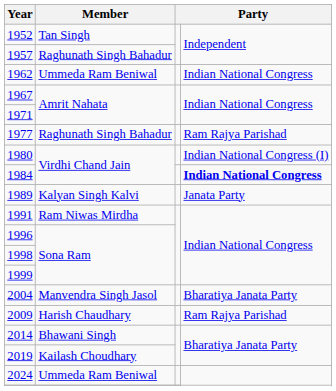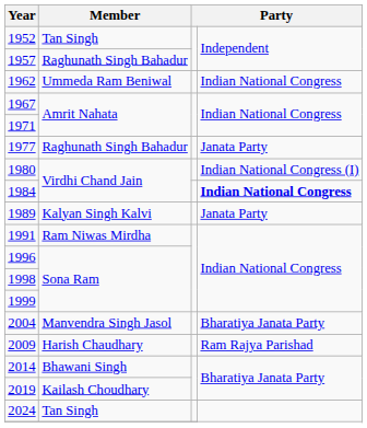 <table class="wikitable">
 <tr>
 <th>Year</th>
 <th>Member</th>
 <th colspan="2">Party</th>
 </tr>
 <tr>
 <td><a href='#'>1952</a></td>
 <td><a href='#'>Tan Singh</a></td>
 <td rowspan="2" style="background-color: "></td>
 <td rowspan="2"><a href='#'>Independent</a></td>
 </tr>
 <tr>
 <td><a href='#'>1957</a></td>
 <td><a href='#'>Raghunath Singh Bahadur</a></td>
 </tr>
 <tr>
 <td><a href='#'>1962</a></td>
 <td><a href='#'>Ummeda Ram Beniwal</a></td>
 <td style="background-color: "></td>
 <td><a href='#'>Indian National Congress</a></td>
 </tr>
 <tr>
 <td><a href='#'>1967</a></td>
 <td rowspan="2"><a href='#'>Amrit Nahata</a></td>
 <td rowspan="2" style="background-color: "></td>
 <td rowspan="2"><a href='#'>Indian National Congress</a></td>
 </tr>
 <tr>
 <td><a href='#'>1971</a></td>
 </tr>
 <tr>
 <td><a href='#'>1977</a></td>
 <td><a href='#'>Raghunath Singh Bahadur</a></td>
 <td style="background-color: "></td>
-<td><a href='#'>Ram Rajya Parishad</a></td>
+<td><a href='#'>Janata Party</a></td>
 </tr>
 <tr>
 <td><a href='#'>1980</a></td>
 <td rowspan="2"><a href='#'>Virdhi Chand Jain</a></td>
 <td style="background-color: "></td>
 <td><a href='#'>Indian National Congress (I)</a></td>
 </tr>
 <tr>
 <td><a href='#'>1984</a></td>
 <td style="background-color: "></td>
 <td><strong><a href='#'>Indian National Congress</a></strong></td>
 </tr>
 <tr>
 <td><a href='#'>1989</a></td>
 <td><a href='#'>Kalyan Singh Kalvi</a></td>
 <td style="background-color: "></td>
 <td><a href='#'>Janata Party</a></td>
 </tr>
 <tr>
 <td><a href='#'>1991</a></td>
 <td><a href='#'>Ram Niwas Mirdha</a></td>
 <td rowspan="4" style="background-color: "></td>
 <td rowspan="4"><a href='#'>Indian National Congress</a></td>
 </tr>
 <tr>
 <td><a href='#'>1996</a></td>
 <td rowspan="3"><a href='#'>Sona Ram</a></td>
 </tr>
 <tr>
 <td><a href='#'>1998</a></td>
 </tr>
 <tr>
 <td><a href='#'>1999</a></td>
 </tr>
 <tr>
 <td><a href='#'>2004</a></td>
 <td><a href='#'>Manvendra Singh Jasol</a></td>
 <td style="background-color: "></td>
 <td><a href='#'>Bharatiya Janata Party</a></td>
 </tr>
 <tr>
 <td><a href='#'>2009</a></td>
 <td><a href='#'>Harish Chaudhary</a></td>
 <td style="background-color: "></td>
 <td><a href='#'>Ram Rajya Parishad</a></td>
 </tr>
 <tr>
 <td><a href='#'>2014</a></td>
 <td><a href='#'>Bhawani Singh</a></td>
 <td rowspan="2" style="background-color: "></td>
 <td rowspan="2"><a href='#'>Bharatiya Janata Party</a></td>
 </tr>
 <tr>
 <td><a href='#'>2019</a></td>
 <td><a href='#'>Kailash Choudhary</a></td>
 </tr>
 <tr>
 <td><a href='#'>2024</a></td>
-<td><a href='#'>Ummeda Ram Beniwal</a></td>
+<td><a href='#'>Tan Singh</a></td>
 <td></td>
 </tr>
 <tr>
 </tr>
 </table>
